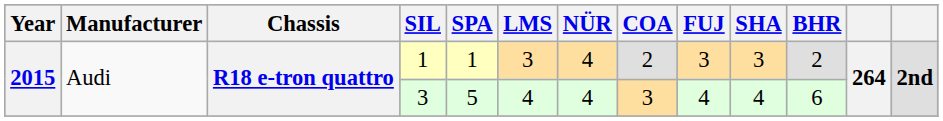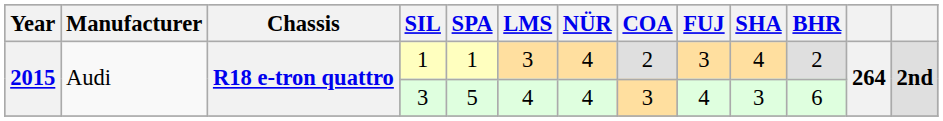 <table class="wikitable" style="font-size: 85%; text-align:center">
 <tr valign="top">
 <th valign="middle">Year</th>
 <th valign="middle">Manufacturer</th>
 <th valign="middle">Chassis</th>
 <th><a href='#'>SIL</a><br></th>
 <th><a href='#'>SPA</a><br></th>
 <th><a href='#'>LMS</a><br></th>
 <th><a href='#'>NÜR</a><br></th>
 <th><a href='#'>COA</a><br></th>
 <th><a href='#'>FUJ</a><br></th>
 <th><a href='#'>SHA</a><br></th>
 <th><a href='#'>BHR</a><br></th>
 <th valign="middle"></th>
 <th valign="middle"></th>
 </tr>
 <tr>
 <th rowspan="2"><a href='#'>2015</a></th>
 <td align="left" rowspan="2"> Audi</td>
 <th rowspan="2"><a href='#'>R18 e-tron quattro</a></th>
 <td style="background:#FFFFBF;">1</td>
 <td style="background:#FFFFBF;">1</td>
 <td style="background:#ffdf9f;">3</td>
 <td style="background:#ffdf9f;">4</td>
 <td style="background:#DFDFDF;">2</td>
 <td style="background:#ffdf9f;">3</td>
-<td style="background:#ffdf9f;">3</td>
+<td style="background:#ffdf9f;">4</td>
 <td style="background:#DFDFDF;">2</td>
 <th rowspan="2">264</th>
 <td style="background:#DFDFDF;" rowspan="3"><strong>2nd</strong></td>
 </tr>
 <tr>
 <td style="background:#DFFFDF;">3</td>
 <td style="background:#DFFFDF;">5</td>
 <td style="background:#DFFFDF;">4</td>
 <td style="background:#DFFFDF;">4</td>
 <td style="background:#ffdf9f;">3</td>
 <td style="background:#DFFFDF;">4</td>
-<td style="background:#DFFFDF;">4</td>
+<td style="background:#DFFFDF;">3</td>
 <td style="background:#DFFFDF;">6</td>
 </tr>
 </table>
